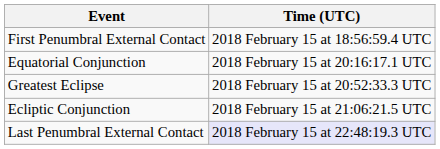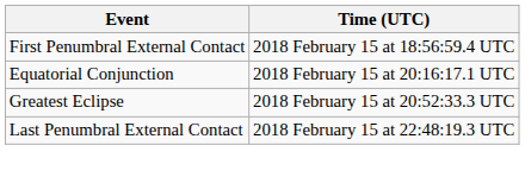 <table class="wikitable">
 <tr>
 <th>Event</th>
 <th>Time (UTC)</th>
 </tr>
 <tr>
 <td>First Penumbral External Contact</td>
 <td>2018 February 15 at 18:56:59.4 UTC</td>
 </tr>
 <tr>
 <td>Equatorial Conjunction</td>
 <td>2018 February 15 at 20:16:17.1 UTC</td>
 </tr>
 <tr>
 <td>Greatest Eclipse</td>
 <td>2018 February 15 at 20:52:33.3 UTC</td>
 </tr>
 <tr>
-<td>Ecliptic Conjunction</td>
-<td>2018 February 15 at 21:06:21.5 UTC</td>
-</tr>
-<tr>
 <td>Last Penumbral External Contact</td>
-<td style="background: lavender;">2018 February 15 at 22:48:19.3 UTC</td>
+<td>2018 February 15 at 22:48:19.3 UTC</td>
 </tr>
 </table>
